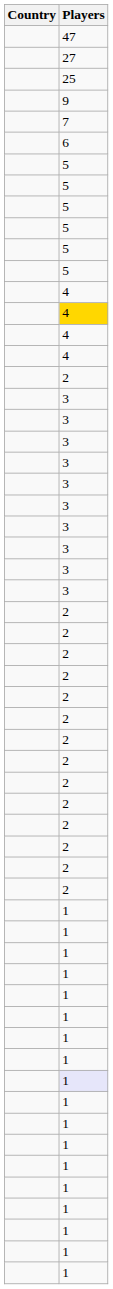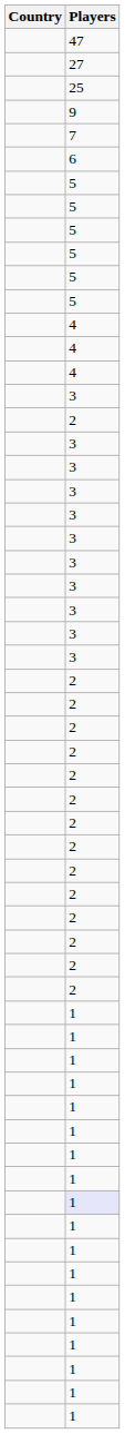 <table class="wikitable sortable">
 <tr>
 <th>Country</th>
 <th>Players</th>
 </tr>
 <tr>
 <td></td>
 <td>47</td>
 </tr>
 <tr>
 <td></td>
 <td>27</td>
 </tr>
 <tr>
 <td></td>
 <td>25</td>
 </tr>
 <tr>
 <td></td>
 <td>9</td>
 </tr>
 <tr>
 <td></td>
 <td>7</td>
 </tr>
 <tr>
 <td></td>
 <td>6</td>
 </tr>
 <tr>
 <td></td>
 <td>5</td>
 </tr>
 <tr>
 <td></td>
 <td>5</td>
 </tr>
 <tr>
 <td></td>
 <td>5</td>
 </tr>
 <tr>
 <td></td>
 <td>5</td>
 </tr>
 <tr>
 <td></td>
 <td>5</td>
 </tr>
 <tr>
 <td></td>
 <td>5</td>
 </tr>
 <tr>
 <td></td>
 <td>4</td>
 </tr>
 <tr>
 <td></td>
-<td style="background: gold;">4</td>
+<td>4</td>
 </tr>
 <tr>
 <td></td>
 <td>4</td>
 </tr>
 <tr>
 <td></td>
-<td>4</td>
+<td>3</td>
 </tr>
 <tr>
 <td></td>
 <td>2</td>
 </tr>
 <tr>
 <td></td>
 <td>3</td>
 </tr>
 <tr>
 <td></td>
 <td>3</td>
 </tr>
 <tr>
 <td></td>
 <td>3</td>
 </tr>
 <tr>
 <td></td>
 <td>3</td>
 </tr>
 <tr>
 <td></td>
 <td>3</td>
 </tr>
 <tr>
 <td></td>
 <td>3</td>
 </tr>
 <tr>
 <td></td>
 <td>3</td>
 </tr>
 <tr>
 <td></td>
 <td>3</td>
 </tr>
 <tr>
 <td></td>
 <td>3</td>
 </tr>
 <tr>
 <td></td>
 <td>3</td>
 </tr>
 <tr>
 <td></td>
 <td>2</td>
 </tr>
 <tr>
 <td></td>
 <td>2</td>
 </tr>
 <tr>
 <td></td>
 <td>2</td>
 </tr>
 <tr>
 <td></td>
 <td>2</td>
 </tr>
 <tr>
 <td></td>
 <td>2</td>
 </tr>
 <tr>
 <td></td>
 <td>2</td>
 </tr>
 <tr>
 <td></td>
 <td>2</td>
 </tr>
 <tr>
 <td></td>
 <td>2</td>
 </tr>
 <tr>
 <td></td>
 <td>2</td>
 </tr>
 <tr>
 <td></td>
 <td>2</td>
 </tr>
 <tr>
 <td></td>
 <td>2</td>
 </tr>
 <tr>
 <td></td>
 <td>2</td>
 </tr>
 <tr>
 <td></td>
 <td>2</td>
 </tr>
 <tr>
 <td></td>
 <td>2</td>
 </tr>
 <tr>
 <td></td>
 <td>1</td>
 </tr>
 <tr>
 <td></td>
 <td>1</td>
 </tr>
 <tr>
 <td></td>
 <td>1</td>
 </tr>
 <tr>
 <td></td>
 <td>1</td>
 </tr>
 <tr>
 <td></td>
 <td>1</td>
 </tr>
 <tr>
 <td></td>
 <td>1</td>
 </tr>
 <tr>
 <td></td>
 <td>1</td>
 </tr>
 <tr>
 <td></td>
 <td>1</td>
 </tr>
 <tr>
 <td></td>
 <td style="background: lavender;">1</td>
 </tr>
 <tr>
 <td></td>
 <td>1</td>
 </tr>
 <tr>
 <td></td>
 <td>1</td>
 </tr>
 <tr>
 <td></td>
 <td>1</td>
 </tr>
 <tr>
 <td></td>
 <td>1</td>
 </tr>
 <tr>
 <td></td>
 <td>1</td>
 </tr>
 <tr>
 <td></td>
 <td>1</td>
 </tr>
 <tr>
 <td></td>
 <td>1</td>
 </tr>
 <tr>
 <td></td>
 <td>1</td>
 </tr>
 <tr>
 <td></td>
 <td>1</td>
 </tr>
 </table>
